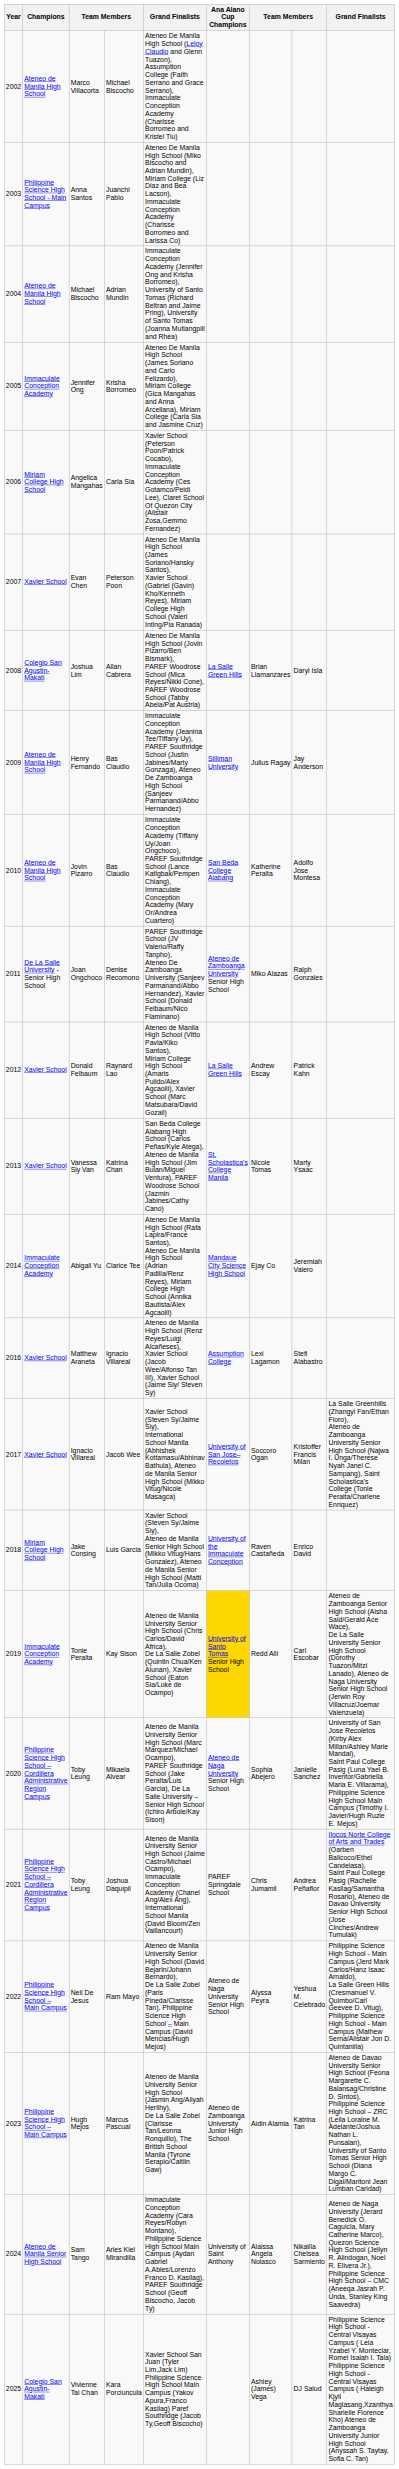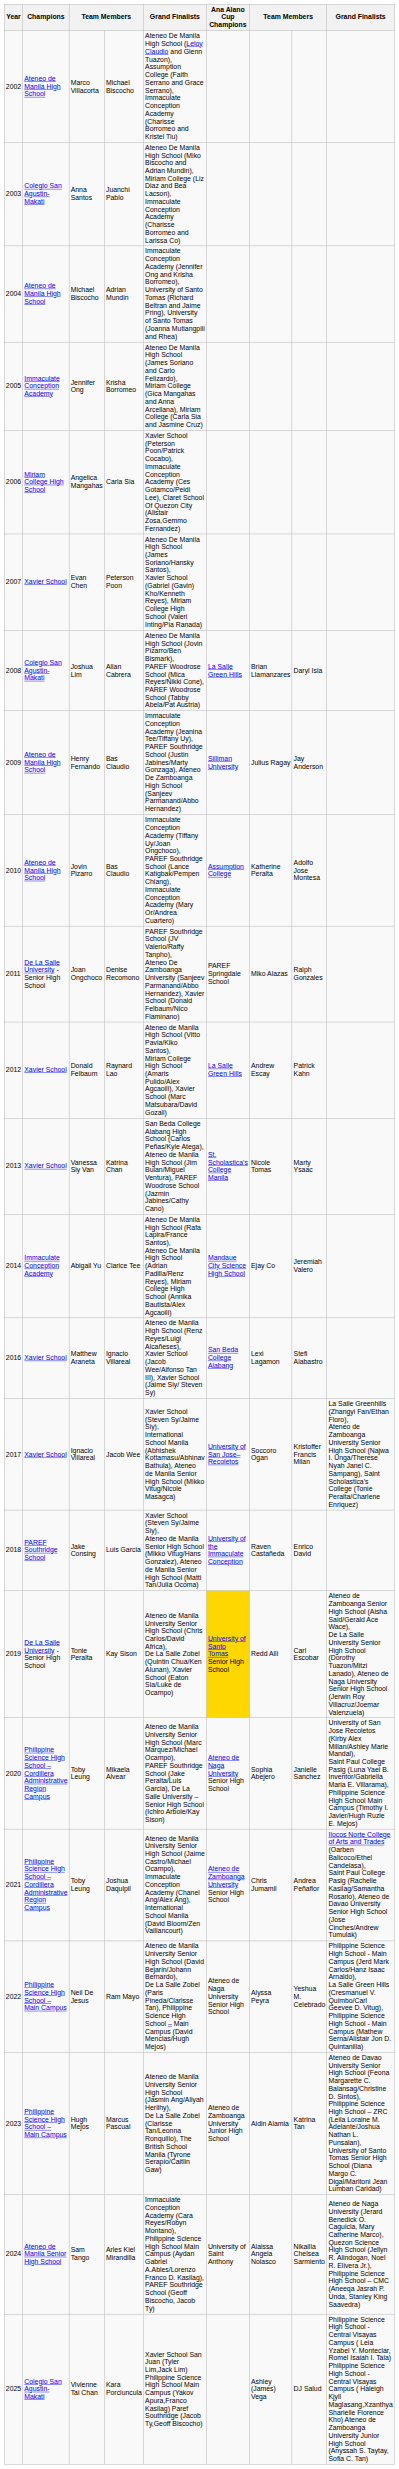 <table class="wikitable">
 <tr>
 <th>Year</th>
 <th>Champions</th>
 <th colspan=2>Team Members</th>
 <th>Grand Finalists</th>
 <th>Ana Alano Cup Champions</th>
 <th colspan=2>Team Members</th>
 <th>Grand Finalists</th>
 </tr>
 <tr>
 <td>2002</td>
 <td><a href='#'>Ateneo de Manila High School</a></td>
 <td>Marco Villacorta</td>
 <td>Michael Biscocho</td>
 <td>Ateneo De Manila High School (<a href='#'>Leloy Claudio</a> and Glenn Tuazon),<br>Assumption College (Faith Serrano and Grace Serrano),  Immaculate Conception Academy (Charisse Borromeo and Kristel Tiu)</td>
 <td></td>
 <td></td>
 <td></td>
 <td></td>
 </tr>
 <tr>
 <td>2003</td>
-<td><a href='#'>Philippine Science High School - Main Campus</a></td>
+<td><a href='#'>Colegio San Agustin-Makati</a></td>
 <td>Anna Santos</td>
 <td>Juanchi Pablo</td>
 <td>Ateneo De Manila High School (Miko Biscocho and Adrian Mundin),<br>Miriam College (Liz Diaz and Bea Lacson),  Immaculate Conception Academy (Charisse Borromeo and Larissa Co)</td>
 <td></td>
 <td></td>
 <td></td>
 <td></td>
 </tr>
 <tr>
 <td>2004</td>
 <td><a href='#'>Ateneo de Manila High School</a></td>
 <td>Michael Biscocho</td>
 <td>Adrian Mundin</td>
 <td>Immaculate Conception Academy (Jennifer Ong and Krisha Borromeo),<br>University of Santo Tomas (Richard Beltran and Jaime Pring),  University of Santo Tomas (Joanna Mutiangpili and Rhea)</td>
 <td></td>
 <td></td>
 <td></td>
 <td></td>
 </tr>
 <tr>
 <td>2005</td>
 <td><a href='#'>Immaculate Conception Academy</a></td>
 <td>Jennifer Ong</td>
 <td>Krisha Borromeo</td>
 <td>Ateneo De Manila High School (James Soriano and Carlo Felizardo),<br>Miriam College (Gica Mangahas and Anna Arcellana),  Miriam College (Carla Sia and Jasmine Cruz)</td>
 <td></td>
 <td></td>
 <td></td>
 <td></td>
 </tr>
 <tr>
 <td>2006</td>
 <td><a href='#'>Miriam College High School</a></td>
 <td>Angelica Mangahas</td>
 <td>Carla Sia</td>
 <td>Xavier School (Peterson Poon/Patrick Cocabo),<br>Immaculate Conception Academy (Ces Gotamco/Peidi Lee),  Claret School Of Quezon City (Alistair Zosa,Gemmo Fernandez)</td>
 <td></td>
 <td></td>
 <td></td>
 <td></td>
 </tr>
 <tr>
 <td>2007</td>
 <td><a href='#'>Xavier School</a></td>
 <td>Evan Chen</td>
 <td>Peterson Poon</td>
 <td>Ateneo De Manila High School (James Soriano/Hansky Santos),<br>Xavier School (Gabriel (Gavin) Kho/Kenneth Reyes),  Miriam College High School (Valeri Inting/Pia Ranada)</td>
 <td></td>
 <td></td>
 <td></td>
 <td></td>
 </tr>
 <tr>
 <td>2008</td>
 <td><a href='#'>Colegio San Agustin-Makati</a></td>
 <td>Joshua Lim</td>
 <td>Allan Cabrera</td>
 <td>Ateneo De Manila High School (Jovin Pizarro/Ben Bismark),<br>PAREF Woodrose School (Mica Reyes/Nikki Cone), PAREF Woodrose School (Tabby Abela/Pat Austria)</td>
 <td><a href='#'>La Salle Green Hills</a></td>
 <td>Brian Llamanzares</td>
 <td>Daryl Isla</td>
 <td></td>
 </tr>
 <tr>
 <td>2009</td>
 <td><a href='#'>Ateneo de Manila High School</a></td>
 <td>Henry Fernando</td>
 <td>Bas Claudio</td>
 <td>Immaculate Conception Academy (Jeanina Tee/Tiffany Uy),<br>PAREF Southridge School (Justin Jabines/Marty Gonzaga),  Ateneo De Zamboanga High School (Sanjeev Parmanand/Abbo Hernandez)</td>
 <td><a href='#'>Silliman University</a></td>
 <td>Julius Ragay</td>
 <td>Jay Anderson</td>
 <td></td>
 </tr>
 <tr>
 <td>2010</td>
 <td><a href='#'>Ateneo de Manila High School</a></td>
 <td>Jovin Pizarro</td>
 <td>Bas Claudio</td>
 <td>Immaculate Conception Academy (Tiffany Uy/Joan Ongchoco),<br>PAREF Southridge School (Lance Katigbak/Pempen Chiang),  Immaculate Conception Academy (Mary Or/Andrea Cuartero)</td>
-<td><a href='#'>San Beda College Alabang</a></td>
+<td><a href='#'>Assumption College</a></td>
 <td>Katherine Peralta</td>
 <td>Adolfo Jose Montesa</td>
 <td></td>
 </tr>
 <tr>
 <td>2011</td>
 <td><a href='#'>De La Salle University</a> - Senior High School</td>
 <td>Joan Ongchoco</td>
 <td>Denise Recomono</td>
 <td>PAREF Southridge School (JV Valerio/Raffy Tanpho),<br>Ateneo De Zamboanga University (Sanjeev Parmanand/Abbo Hernandez),  Xavier School (Donald Felbaum/Nico Flaminano)</td>
-<td><a href='#'>Ateneo de Zamboanga University</a> Senior High School</td>
+<td>PAREF Springdale School</td>
 <td>Miko Alazas</td>
 <td>Ralph Gonzales</td>
 <td></td>
 </tr>
 <tr>
 <td>2012</td>
 <td><a href='#'>Xavier School</a></td>
 <td>Donald Felbaum</td>
 <td>Raynard Lao</td>
 <td>Ateneo de Manila High School (Vitto Pavia/Kiko Santos),<br>Miriam College High School (Amaris Pulido/Alex Agcaoili),  Xavier School (Marc Matsubara/David Gozali)</td>
 <td><a href='#'>La Salle Green Hills</a></td>
 <td>Andrew Escay</td>
 <td>Patrick Kahn</td>
 <td></td>
 </tr>
 <tr>
 <td>2013</td>
 <td><a href='#'>Xavier School</a></td>
 <td>Vanessa Siy Van</td>
 <td>Katrina Chan</td>
 <td>San Beda College Alabang High School (Carlos Peñas/Kyle Atega),<br>Ateneo de Manila High School (Jim Bulan/Miguel Ventura),  PAREF Woodrose School (Jazmin Jabines/Cathy Cano)</td>
 <td><a href='#'>St. Scholastica's College Manila</a></td>
 <td>Nicole Tomas</td>
 <td>Marty Ysaac</td>
 <td></td>
 </tr>
 <tr>
 <td>2014</td>
 <td><a href='#'>Immaculate Conception Academy</a></td>
 <td>Abigail Yu</td>
 <td>Clarice Tee</td>
 <td>Ateneo De Manila High School (Rafa Lapira/France Santos),<br>Ateneo De Manila High School (Adrian Padilla/Renz Reyes),  Miriam College High School (Annika Bautista/Alex Agcaoili)</td>
 <td><a href='#'>Mandaue City Science High School</a></td>
 <td>Ejay Co</td>
 <td>Jeremiah Valero</td>
 <td></td>
 </tr>
 <tr>
 <td>2016</td>
 <td><a href='#'>Xavier School</a></td>
 <td>Matthew Araneta</td>
 <td>Ignacio Villareal</td>
 <td>Ateneo de Manila High School (Renz Reyes/Luigi Alcañeses),<br>Xavier School (Jacob Wee/Alfonso Tan III),  Xavier School (Jaime Siy/ Steven Sy)</td>
-<td><a href='#'>Assumption College</a></td>
+<td><a href='#'>San Beda College Alabang</a></td>
 <td>Lexi Lagamon</td>
 <td>Stefi Alabastro</td>
 <td></td>
 </tr>
 <tr>
 <td>2017</td>
 <td><a href='#'>Xavier School</a></td>
 <td>Ignacio Villareal</td>
 <td>Jacob Wee</td>
 <td>Xavier School (Steven Sy/Jaime Siy),<br>International School Manila (Abhishek Kottamasu/Abhinav Bathula),  Ateneo de Manila Senior High School (Mikko Vitug/Nicole Masagca)</td>
 <td><a href='#'>University of San Jose–Recoletos</a></td>
 <td>Soccoro Ogan</td>
 <td>Kristoffer Francis Milan</td>
 <td>La Salle Greenhills (Zhangyi Fan/Ethan Floro),<br>Ateneo de Zamboanga University Senior High School (Najwa I. Unga/Therese Nyah Janel C. Sampang),  Saint Scholastica's College (Tonie Peralta/Charlene Enriquez)</td>
 </tr>
 <tr>
 <td>2018</td>
-<td><a href='#'>Miriam College High School</a></td>
+<td><a href='#'>PAREF Southridge School</a></td>
 <td>Jake Consing</td>
 <td>Luis Garcia</td>
 <td>Xavier School (Steven Sy/Jaime Siy),<br>Ateneo de Manila Senior High School (Mikko Vitug/Hans Gonzalez),  Ateneo de Manila Senior High School (Matti Tan/Julia Ocoma)</td>
 <td><a href='#'>University of the Immaculate Conception</a></td>
 <td>Raven Castañeda</td>
 <td>Enrico David</td>
 <td></td>
 </tr>
 <tr>
 <td>2019</td>
-<td><a href='#'>Immaculate Conception Academy</a></td>
+<td><a href='#'>De La Salle University</a> - Senior High School</td>
 <td>Tonie Peralta</td>
 <td>Kay Sison</td>
 <td>Ateneo de Manila University Senior High School (Chris Carlos/David Africa),<br>De La Salle Zobel (Quintin Chua/Ken Alunan),  Xavier School (Eaton Sia/Luke de Ocampo)</td>
 <td style="background: gold;"><a href='#'>University of Santo Tomas</a> Senior High School</td>
 <td>Redd Alli</td>
 <td>Carl Escobar</td>
 <td>Ateneo de Zamboanga Senior High School (Aisha Said/Gerald Ace Wace),<br>De La Salle University Senior High School (Dorothy Tuazon/Mitzi Lanado),  Ateneo de Naga University Senior High School (Jerwin Roy Villacruz/Joemar Valenzuela)</td>
 </tr>
 <tr>
 <td>2020</td>
 <td><a href='#'>Philippine Science High School – Cordillera Administrative Region Campus</a></td>
 <td>Toby Leung</td>
 <td>Mikaela Alvear</td>
 <td>Ateneo de Manila University Senior High School (Marc Marquez/Michael Ocampo),<br>PAREF Southridge School (Jake Peralta/Luis Garcia),  De La Salle University – Senior High School (Ichiro Arbole/Kay Sison)</td>
 <td><a href='#'>Ateneo de Naga University</a> Senior High School</td>
 <td>Sophia Abejero</td>
 <td>Janielle Sanchez</td>
 <td>University of San Jose Recoletos (Kirby Alex Millan/Ashley Marie Mandal),<br>Saint Paul College Pasig (Luna Yael B. Inventor/Gabriella Maria E. Villarama), Philippine Science High School Main Campus (Timothy I. Javier/Hugh Ruzle E. Mejos)</td>
 </tr>
 <tr>
 <td>2021</td>
 <td><a href='#'>Philippine Science High School – Cordillera Administrative Region Campus</a></td>
 <td>Toby Leung</td>
 <td>Joshua Daquipil</td>
 <td>Ateneo de Manila University Senior High School (Jaime Castro/Michael Ocampo), Immaculate Conception Academy (Chanel Ang/Alex Ang),<br>International School Manila (David Bloom/Zen Vaillancourt)</td>
-<td>PAREF Springdale School</td>
+<td><a href='#'>Ateneo de Zamboanga University</a> Senior High School</td>
 <td>Chris Jumamil</td>
 <td>Andrea Peñaflor</td>
 <td><a href='#'>Ilocos Norte College of Arts and Trades</a> (Oarben Balicoco/Ethel Candelasa),<br>Saint Paul College Pasig (Rachelle Kasilag/Samantha Rosario),  Ateneo de Davao University Senior High School (Jose Cinches/Andrew Tumulak)</td>
 </tr>
 <tr>
 <td>2022</td>
 <td><a href='#'>Philippine Science High School – Main Campus</a></td>
 <td>Neil De Jesus</td>
 <td>Ram Mayo</td>
 <td>Ateneo de Manila University Senior High School (David Bejarin/Johann Bernardo),<br>De La Salle Zobel (Paris Pineda/Clarisse Tan), Philippine Science High School <a href='#'>–</a> Main Campus (David Mencias/Hugh Mejos)</td>
 <td>Ateneo de Naga University Senior High School</td>
 <td>Alyssa Peyra</td>
 <td>Yeshua M. Celebrado</td>
 <td>Philippine Science High School - Main Campus (Jerd Mark Carlos/Hanz Isaac Arnaldo),<br>La Salle Green Hills (Cresmanuel V. Quimbo/Carl Geevee D. Vitug), Philippine Science High School - Main Campus (Mathew Serna/Alistair Jon D. Quintanilla)</td>
 </tr>
 <tr>
 <td>2023</td>
 <td><a href='#'>Philippine Science High School – Main Campus</a></td>
 <td>Hugh Mejos</td>
 <td>Marcus Pascual</td>
 <td>Ateneo de Manila University Senior High School (Jasmin Ang/Aliyah Herlihy),<br>De La Salle Zobel (Clarisse Tan/Leonna Ronquillo),  The British School Manila (Tyrone Serapio/Caitlin Gaw)</td>
 <td>Ateneo de Zamboanga University Junior High School</td>
 <td>Aidin Alamia</td>
 <td>Katrina Tan</td>
 <td>Ateneo de Davao University Senior High School (Feona Margarette C. Balansag/Christine D. Sintos),<br>Philippine Science High School – ZRC (Leila Loraine M. Adelante/Joshua Nathan L. Punsalan), University of Santo Tomas Senior High School (Diana Margo C. Digal/Maritoni Jean Lumban Caridad)</td>
 </tr>
 <tr>
 <td>2024</td>
 <td><a href='#'>Ateneo de Manila Senior High School</a></td>
 <td>Sam Tango</td>
 <td>Arles Kiel Mirandilla</td>
 <td>Immaculate Conception Academy (Cara Reyes/Robyn Montano),<br>Philippine Science High School Main Campus (Aydan Gabriel A.Ables/Lorenzo Franco D. Kasilag),  PAREF Southridge School (Geoff Biscocho, Jacob Ty)</td>
 <td>University of Saint Anthony</td>
 <td>Alaissa Angela Nolasco</td>
 <td>Nikailla Chelsea Sarmiento</td>
 <td>Ateneo de Naga University (Jerard Benedick O. Caguicla, Mary Catherine Marco),<br>Quezon Science High School (Jellyn R. Alindogan, Noel R. Elivera Jr.), Philippine Science High School – CMC (Aneeqa Jasrah P. Unda, Stanley King Saavedra)</td>
 </tr>
 <tr>
 <td>2025</td>
 <td><a href='#'>Colegio San Agustin-Makati</a></td>
 <td>Vivienne Tai Chan</td>
 <td>Kara Porciuncula</td>
 <td>Xavier School San Juan (Tyler Lim,Jack Lim)<br>Philippine Science High School  Main Campus (Yakov Apura,Franco Kasilag) Paref Southridge (Jacob Ty,Geoff Biscocho)</td>
 <td></td>
 <td>Ashley (James) Vega</td>
 <td>DJ Salud</td>
 <td>Philippine Science High School - Central Visayas Campus ( Leia Yzabel Y. Monteclar, Romel Isaiah I. Tala)<br>Philippine Science High School - Central Visayas Campus ( Haleigh Kjyll Maglasang,Xzanthya Sharielle Florence Kho) Ateneo de Zamboanga University Junior High School (Anyssah S. Taytay, Sofia C. Tan)</td>
 </tr>
 </table>
